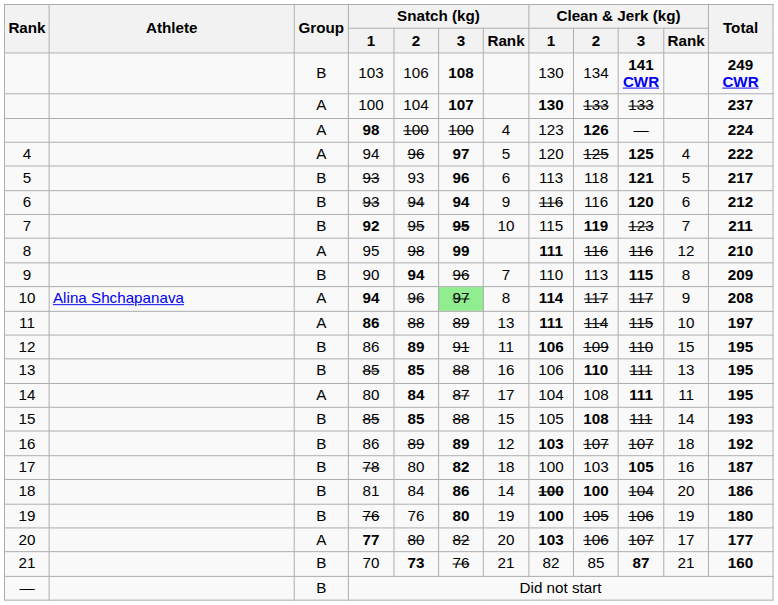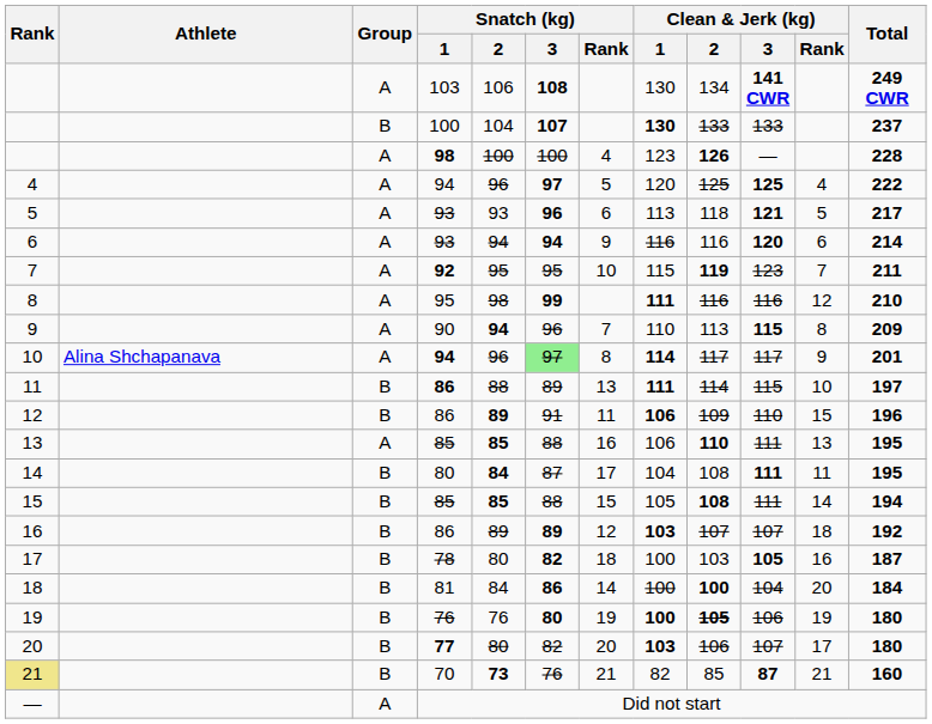 <table class = "wikitable" style="text-align:center;">
 <tr>
 <th rowspan=2 width=40>Rank</th>
 <th rowspan=2 width=250>Athlete</th>
 <th rowspan=2 width=50>Group</th>
 <th colspan=4>Snatch (kg)</th>
 <th colspan=4>Clean & Jerk (kg)</th>
 <th rowspan=2 width=60>Total</th>
 </tr>
 <tr>
 <th width=40>1</th>
 <th width=40>2</th>
 <th width=40>3</th>
 <th width=40>Rank</th>
 <th width=40>1</th>
 <th width=40>2</th>
 <th width=40>3</th>
 <th width=40>Rank</th>
 </tr>
 <tr>
 <td></td>
 <td align=left></td>
-<td>B</td>
+<td>A</td>
 <td>103</td>
 <td>106</td>
 <td><strong>108</strong></td>
 <td></td>
 <td>130</td>
 <td>134</td>
 <td><strong>141 <a href='#'>CWR</a></strong></td>
 <td></td>
 <td><strong>249 <a href='#'>CWR</a></strong></td>
 </tr>
 <tr>
 <td></td>
 <td align=left></td>
-<td>A</td>
+<td>B</td>
 <td>100</td>
 <td>104</td>
 <td><strong>107</strong></td>
 <td></td>
 <td><strong>130</strong></td>
 <td><s>133</s></td>
 <td><s>133</s></td>
 <td></td>
 <td><strong>237</strong></td>
 </tr>
 <tr>
 <td></td>
 <td align=left></td>
 <td>A</td>
 <td><strong>98</strong></td>
 <td><s>100</s></td>
 <td><s>100</s></td>
 <td>4</td>
 <td>123</td>
 <td><strong>126</strong></td>
 <td>—</td>
 <td></td>
-<td><strong>224</strong></td>
+<td><strong>228</strong></td>
 </tr>
 <tr>
 <td>4</td>
 <td align=left></td>
 <td>A</td>
 <td>94</td>
 <td><s>96</s></td>
 <td><strong>97</strong></td>
 <td>5</td>
 <td>120</td>
 <td><s>125</s></td>
 <td><strong>125</strong></td>
 <td>4</td>
 <td><strong>222</strong></td>
 </tr>
 <tr>
 <td>5</td>
 <td align=left></td>
-<td>B</td>
+<td>A</td>
 <td><s>93</s></td>
 <td>93</td>
 <td><strong>96</strong></td>
 <td>6</td>
 <td>113</td>
 <td>118</td>
 <td><strong>121</strong></td>
 <td>5</td>
 <td><strong>217</strong></td>
 </tr>
 <tr>
 <td>6</td>
 <td align=left></td>
-<td>B</td>
+<td>A</td>
 <td><s>93</s></td>
 <td><s>94</s></td>
 <td><strong>94</strong></td>
 <td>9</td>
 <td><s>116</s></td>
 <td>116</td>
 <td><strong>120</strong></td>
 <td>6</td>
-<td><strong>212</strong></td>
+<td><strong>214</strong></td>
 </tr>
 <tr>
 <td>7</td>
 <td align=left></td>
-<td>B</td>
+<td>A</td>
 <td><strong>92</strong></td>
 <td><s>95</s></td>
-<td><strong><s>95</s></strong></td>
+<td><s>95</s></td>
 <td>10</td>
 <td>115</td>
 <td><strong>119</strong></td>
 <td><s>123</s></td>
 <td>7</td>
 <td><strong>211</strong></td>
 </tr>
 <tr>
 <td>8</td>
 <td align=left></td>
 <td>A</td>
 <td>95</td>
 <td><s>98</s></td>
 <td><strong>99</strong></td>
 <td></td>
 <td><strong>111</strong></td>
 <td><s>116</s></td>
 <td><s>116</s></td>
 <td>12</td>
 <td><strong>210</strong></td>
 </tr>
 <tr>
 <td>9</td>
 <td align=left></td>
-<td>B</td>
+<td>A</td>
 <td>90</td>
 <td><strong>94</strong></td>
 <td><s>96</s></td>
 <td>7</td>
 <td>110</td>
 <td>113</td>
 <td><strong>115</strong></td>
 <td>8</td>
 <td><strong>209</strong></td>
 </tr>
 <tr>
 <td>10</td>
 <td align=left> <a href='#'>Alina Shchapanava</a> </td>
 <td>A</td>
 <td><strong>94</strong></td>
 <td><s>96</s></td>
 <td style="background: lightgreen;"><s>97</s></td>
 <td>8</td>
 <td><strong>114</strong></td>
 <td><s>117</s></td>
 <td><s>117</s></td>
 <td>9</td>
-<td><strong>208</strong></td>
+<td><strong>201</strong></td>
 </tr>
 <tr>
 <td>11</td>
 <td align=left></td>
-<td>A</td>
+<td>B</td>
 <td><strong>86</strong></td>
 <td><s>88</s></td>
 <td><s>89</s></td>
 <td>13</td>
 <td><strong>111</strong></td>
 <td><s>114</s></td>
 <td><s>115</s></td>
 <td>10</td>
 <td><strong>197</strong></td>
 </tr>
 <tr>
 <td>12</td>
 <td align=left></td>
 <td>B</td>
 <td>86</td>
 <td><strong>89</strong></td>
 <td><s>91</s></td>
 <td>11</td>
 <td><strong>106</strong></td>
 <td><s>109</s></td>
 <td><s>110</s></td>
 <td>15</td>
-<td><strong>195</strong></td>
+<td><strong>196</strong></td>
 </tr>
 <tr>
 <td>13</td>
 <td align=left></td>
-<td>B</td>
+<td>A</td>
 <td><s>85</s></td>
 <td><strong>85</strong></td>
 <td><s>88</s></td>
 <td>16</td>
 <td>106</td>
 <td><strong>110</strong></td>
 <td><s>111</s></td>
 <td>13</td>
 <td><strong>195</strong></td>
 </tr>
 <tr>
 <td>14</td>
 <td align=left></td>
-<td>A</td>
+<td>B</td>
 <td>80</td>
 <td><strong>84</strong></td>
 <td><s>87</s></td>
 <td>17</td>
 <td>104</td>
 <td>108</td>
 <td><strong>111</strong></td>
 <td>11</td>
 <td><strong>195</strong></td>
 </tr>
 <tr>
 <td>15</td>
 <td align=left></td>
 <td>B</td>
 <td><s>85</s></td>
 <td><strong>85</strong></td>
 <td><s>88</s></td>
 <td>15</td>
 <td>105</td>
 <td><strong>108</strong></td>
 <td><s>111</s></td>
 <td>14</td>
-<td><strong>193</strong></td>
+<td><strong>194</strong></td>
 </tr>
 <tr>
 <td>16</td>
 <td align=left></td>
 <td>B</td>
 <td>86</td>
 <td><s>89</s></td>
 <td><strong>89</strong></td>
 <td>12</td>
 <td><strong>103</strong></td>
 <td><s>107</s></td>
 <td><s>107</s></td>
 <td>18</td>
 <td><strong>192</strong></td>
 </tr>
 <tr>
 <td>17</td>
 <td align=left></td>
 <td>B</td>
 <td><s>78</s></td>
 <td>80</td>
 <td><strong>82</strong></td>
 <td>18</td>
 <td>100</td>
 <td>103</td>
 <td><strong>105</strong></td>
 <td>16</td>
 <td><strong>187</strong></td>
 </tr>
 <tr>
 <td>18</td>
 <td align=left></td>
 <td>B</td>
 <td>81</td>
 <td>84</td>
 <td><strong>86</strong></td>
 <td>14</td>
-<td><strong><s>100</s></strong></td>
+<td><s>100</s></td>
 <td><strong>100</strong></td>
 <td><s>104</s></td>
 <td>20</td>
-<td><strong>186</strong></td>
+<td><strong>184</strong></td>
 </tr>
 <tr>
 <td>19</td>
 <td align=left></td>
 <td>B</td>
 <td><s>76</s></td>
 <td>76</td>
 <td><strong>80</strong></td>
 <td>19</td>
 <td><strong>100</strong></td>
-<td><s>105</s></td>
+<td><strong><s>105</s></strong></td>
 <td><s>106</s></td>
 <td>19</td>
 <td><strong>180</strong></td>
 </tr>
 <tr>
 <td>20</td>
 <td align=left></td>
-<td>A</td>
+<td>B</td>
 <td><strong>77</strong></td>
 <td><s>80</s></td>
 <td><s>82</s></td>
 <td>20</td>
 <td><strong>103</strong></td>
 <td><s>106</s></td>
 <td><s>107</s></td>
 <td>17</td>
-<td><strong>177</strong></td>
+<td><strong>180</strong></td>
 </tr>
 <tr>
-<td>21</td>
+<td style="background: khaki;">21</td>
 <td align=left></td>
 <td>B</td>
 <td>70</td>
 <td><strong>73</strong></td>
 <td><s>76</s></td>
 <td>21</td>
 <td>82</td>
 <td>85</td>
 <td><strong>87</strong></td>
 <td>21</td>
 <td><strong>160</strong></td>
 </tr>
 <tr>
 <td>—</td>
 <td align=left></td>
-<td>B</td>
+<td>A</td>
 <td colspan=9>Did not start</td>
 </tr>
 </table>
